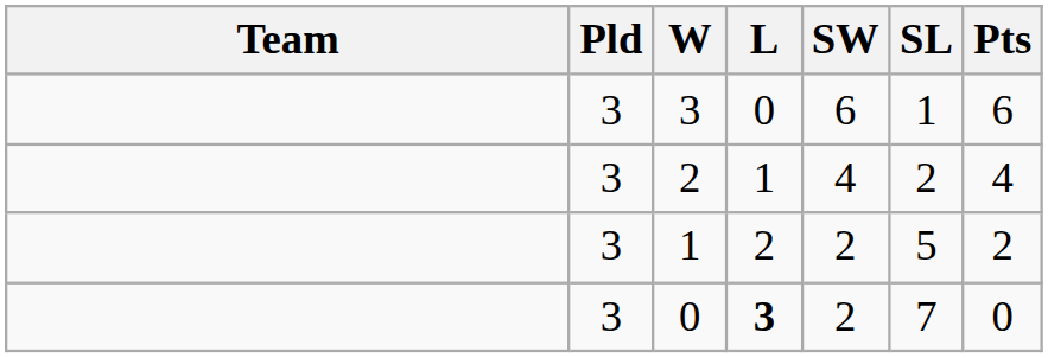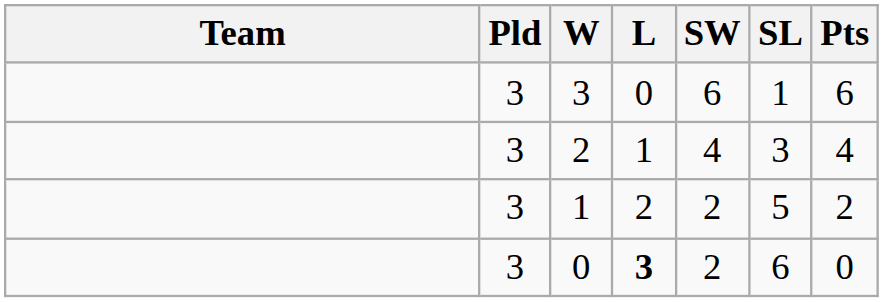 <table class=wikitable style="text-align:center">
 <tr>
 <th width=200>Team</th>
 <th width=20>Pld</th>
 <th width=20>W</th>
 <th width=20>L</th>
 <th width=20>SW</th>
 <th width=20>SL</th>
 <th width=20>Pts</th>
 </tr>
 <tr bgcolor=>
 <td align=left></td>
 <td>3</td>
 <td>3</td>
 <td>0</td>
 <td>6</td>
 <td>1</td>
 <td>6</td>
 </tr>
 <tr bgcolor=>
 <td align=left></td>
 <td>3</td>
 <td>2</td>
 <td>1</td>
 <td>4</td>
-<td>2</td>
+<td>3</td>
 <td>4</td>
 </tr>
 <tr bgcolor=>
 <td align=left></td>
 <td>3</td>
 <td>1</td>
 <td>2</td>
 <td>2</td>
 <td>5</td>
 <td>2</td>
 </tr>
 <tr bgcolor=>
 <td align=left></td>
 <td>3</td>
 <td>0</td>
 <td><strong>3</strong></td>
 <td>2</td>
-<td>7</td>
+<td>6</td>
 <td>0</td>
 </tr>
 </table>
